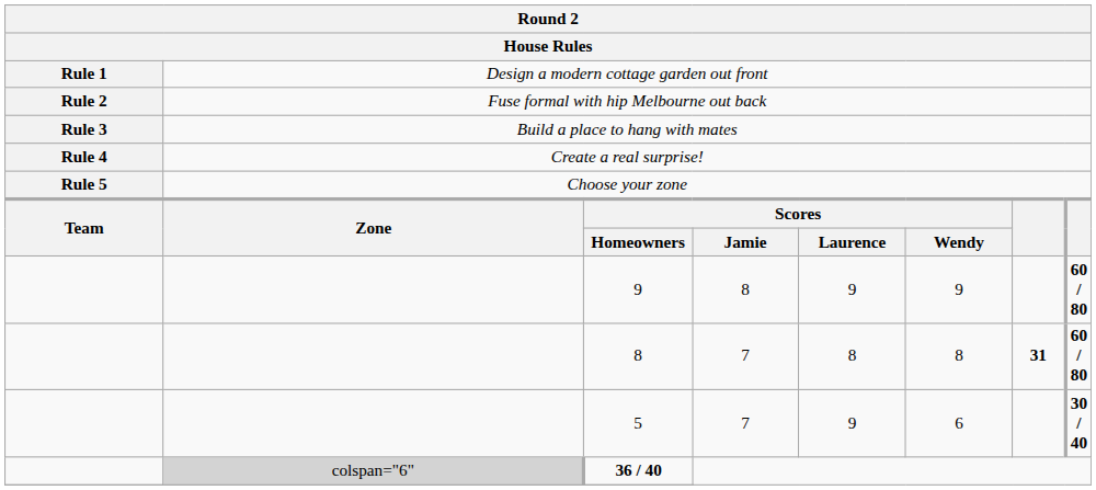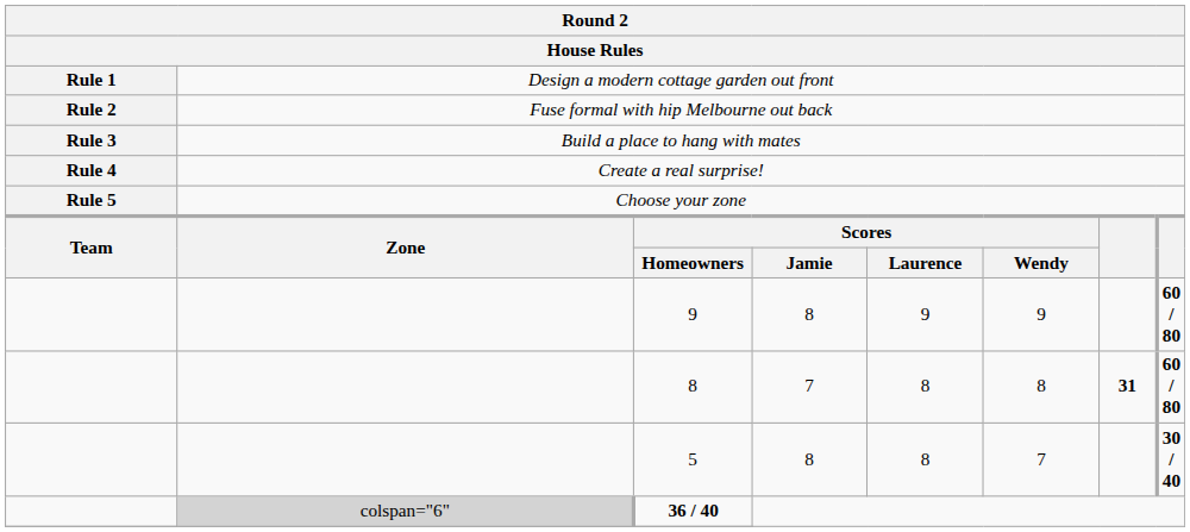 <table class="wikitable plainrowheaders" style="text-align:center; font-size:90%; width:65em;">
 <tr>
 <th colspan="8" >Round 2</th>
 </tr>
 <tr>
 <th colspan=8 style="width:15%;">House Rules</th>
 </tr>
 <tr>
 <th>Rule 1</th>
 <td colspan="8"><em>Design a modern cottage garden out front</em></td>
 </tr>
 <tr>
 <th>Rule 2</th>
 <td colspan="8"><em>Fuse formal with hip Melbourne out back</em></td>
 </tr>
 <tr>
 <th>Rule 3</th>
 <td colspan="8"><em>Build a place to hang with mates</em></td>
 </tr>
 <tr>
 <th>Rule 4</th>
 <td colspan="8"><em>Create a real surprise!</em></td>
 </tr>
 <tr>
 <th>Rule 5</th>
 <td colspan="8"><em>Choose your zone</em></td>
 </tr>
 <tr style="border-top:3px solid #aaa;">
 <th rowspan="2">Team</th>
 <th rowspan="2" style="width:40%;">Zone</th>
 <th colspan="4" style="width:30%;">Scores</th>
 <th rowspan="2" style="width:15%;"></th>
 <th rowspan="2" style="width:15%; border-left:3px solid #aaa;"></th>
 </tr>
 <tr>
 <th style="width:10%;">Homeowners</th>
 <th style="width:10%;">Jamie</th>
 <th style="width:10%;">Laurence</th>
 <th style="width:10%;">Wendy</th>
 </tr>
 <tr>
 <td style="width:15%;"></td>
 <td></td>
 <td>9</td>
 <td>8</td>
 <td>9</td>
 <td>9</td>
 <td></td>
 <td style="border-left:3px solid #aaa;"><strong>60 / 80</strong></td>
 </tr>
 <tr>
 <td style="width:15%;"></td>
 <td></td>
 <td>8</td>
 <td>7</td>
 <td>8</td>
 <td>8</td>
 <td><strong>31</strong></td>
 <td style="border-left:3px solid #aaa;"><strong>60 / 80</strong></td>
 </tr>
 <tr>
 <td style="width:15%;"></td>
 <td></td>
 <td>5</td>
+<td>8</td>
+<td>8</td>
 <td>7</td>
-<td>9</td>
-<td>6</td>
 <td></td>
 <td style="border-left:3px solid #aaa;"><strong>30 / 40</strong></td>
 </tr>
 <tr>
 <td style="width:15%;"></td>
 <td style="background: lightgrey;">colspan="6" </td>
 <td style="border-left:3px solid #aaa;"><strong>36 / 40</strong></td>
 </tr>
 <tr>
 </tr>
 </table>
